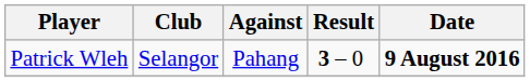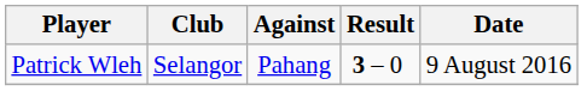 <table class="wikitable" style="text-align:center">
 <tr>
 <th>Player</th>
 <th>Club</th>
 <th>Against</th>
 <th>Result</th>
 <th>Date</th>
 </tr>
 <tr>
 <td> <a href='#'>Patrick Wleh</a></td>
 <td><a href='#'>Selangor</a></td>
 <td><a href='#'>Pahang</a></td>
 <td><strong>3</strong> – 0 </td>
-<td><strong>9 August 2016</strong></td>
+<td>9 August 2016</td>
 </tr>
 <tr>
 </tr>
 </table>
